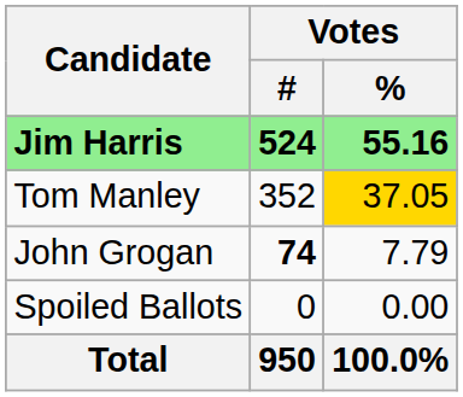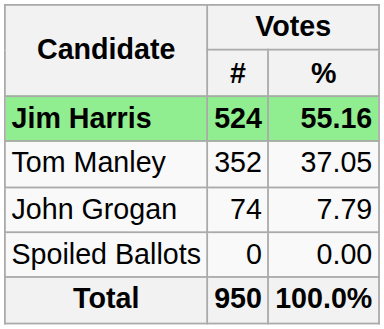 <table class="wikitable">
 <tr>
 <th rowspan=2>Candidate</th>
 <th colspan=2>Votes</th>
 </tr>
 <tr>
 <th>#</th>
 <th>%</th>
 </tr>
 <tr style="background:lightgreen;">
 <td><strong>Jim Harris</strong></td>
 <td align=right><strong>524</strong></td>
 <td align=right><strong>55.16</strong></td>
 </tr>
 <tr>
 <td>Tom Manley</td>
 <td align=right>352</td>
-<td align=right style="background: gold;">37.05</td>
+<td align=right>37.05</td>
 </tr>
 <tr>
 <td>John Grogan</td>
-<td align=right><strong>74</strong></td>
+<td align=right>74</td>
 <td align=right>7.79</td>
 </tr>
 <tr>
 <td>Spoiled Ballots</td>
 <td align=right>0</td>
 <td align=right>0.00</td>
 </tr>
 <tr>
 <th>Total</th>
 <th align=right>950</th>
 <th align=right>100.0%</th>
 </tr>
 </table>
